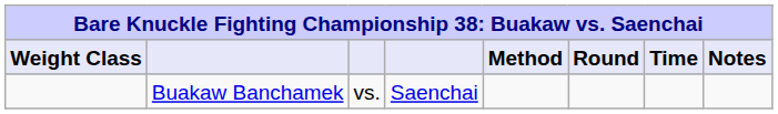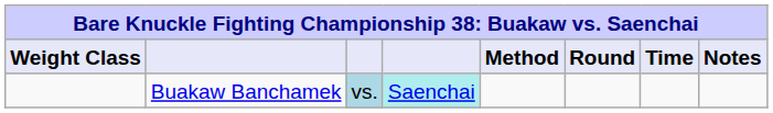 <table class="wikitable" style="font-size: 80%;">
 <tr>
 <th colspan="8" style="background-color: #ccf; color: #000080; text-align: center;"><strong>Bare Knuckle Fighting Championship 38: Buakaw vs. Saenchai</strong></th>
 </tr>
 <tr>
 <th colspan="1" style="background-color: #E6E8FA; color: #000000; text-align: center;">Weight Class</th>
 <th colspan="1" style="background-color: #E6E8FA; color: #000000; text-align: center;"></th>
 <th colspan="1" style="background-color: #E6E8FA; color: #000000; text-align: center;"></th>
 <th colspan="1" style="background-color: #E6E8FA; color: #000000; text-align: center;"></th>
 <th colspan="1" style="background-color: #E6E8FA; color: #000000; text-align: center;">Method</th>
 <th colspan="1" style="background-color: #E6E8FA; color: #000000; text-align: center;">Round</th>
 <th colspan="1" style="background-color: #E6E8FA; color: #000000; text-align: center;">Time</th>
 <th colspan="1" style="background-color: #E6E8FA; color: #000000; text-align: center;">Notes</th>
 </tr>
 <tr>
 <td></td>
 <td> <a href='#'>Buakaw Banchamek</a></td>
-<td align=center>vs.</td>
-<td> <a href='#'>Saenchai</a></td>
+<td align=center style="background: lightblue;">vs.</td>
+<td style="background: paleturquoise;"> <a href='#'>Saenchai</a></td>
 <td></td>
 <td align=center></td>
 <td align=center></td>
 <td></td>
 </tr>
 </table>
